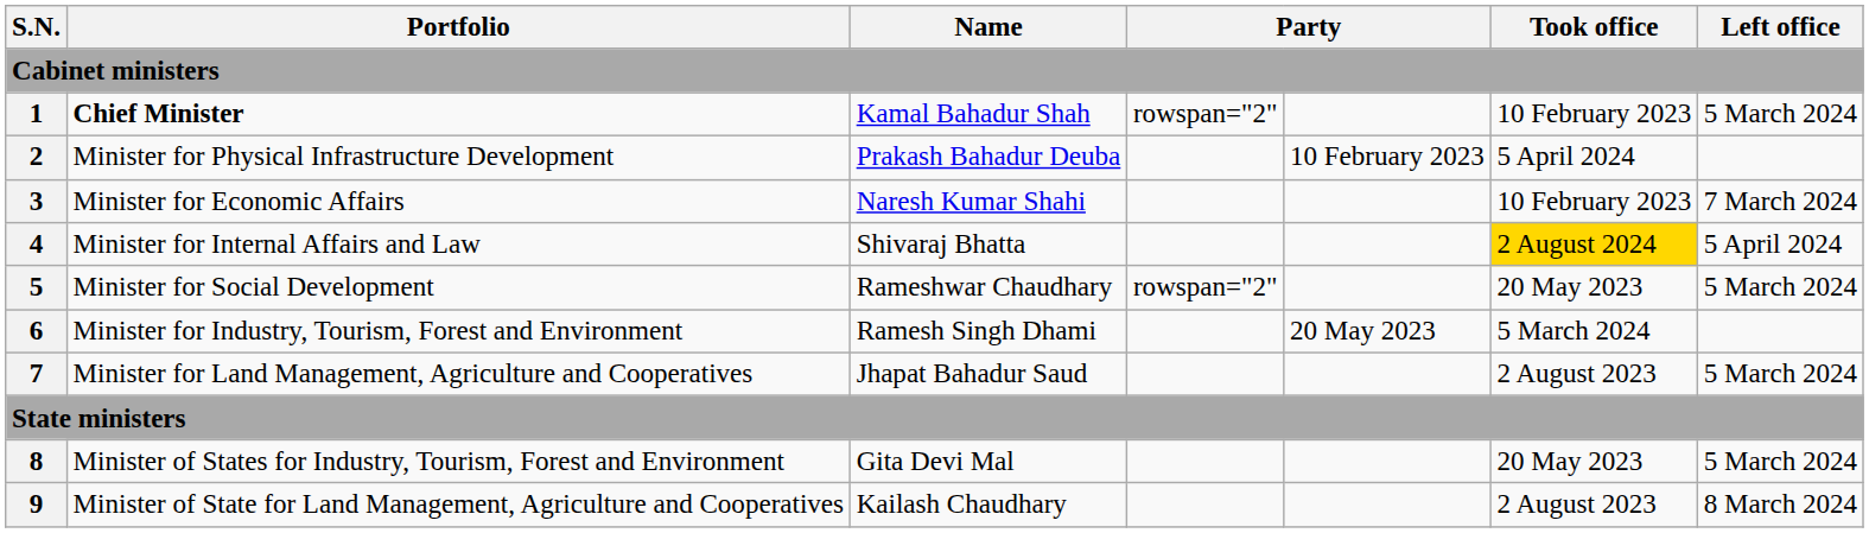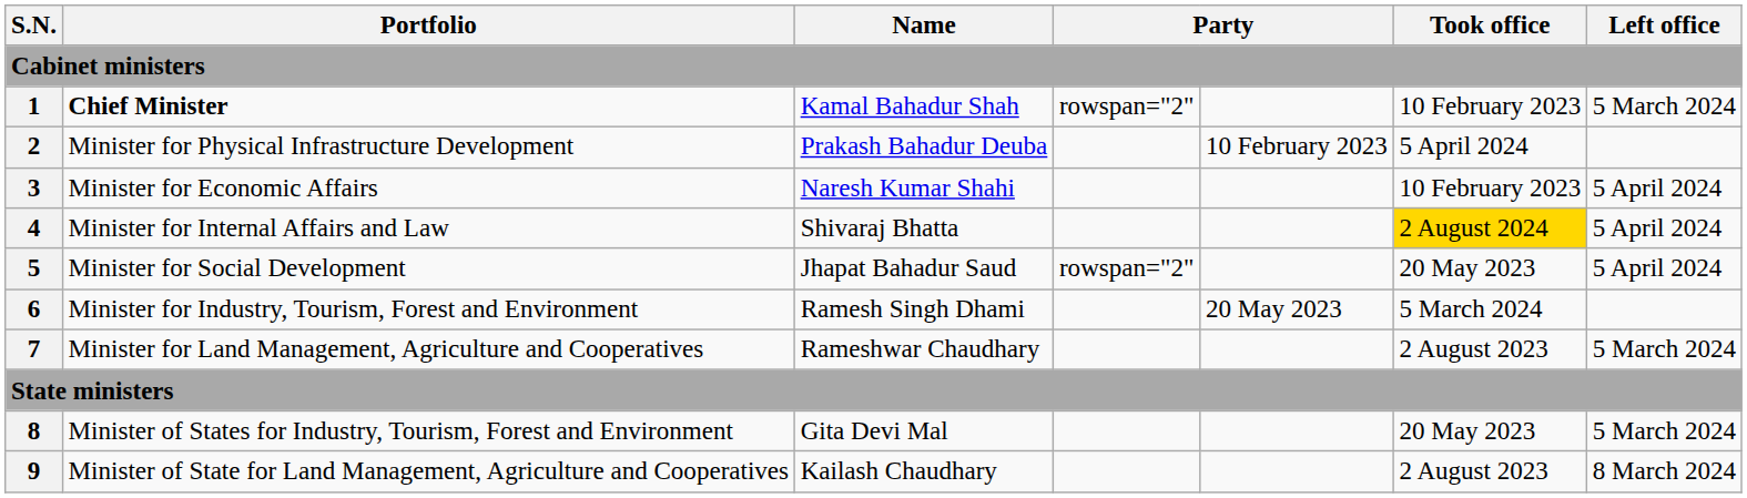 <table class="wikitable">
 <tr>
 <th>S.N.</th>
 <th>Portfolio</th>
 <th>Name</th>
 <th colspan="2">Party</th>
 <th>Took office</th>
 <th>Left office</th>
 </tr>
 <tr>
 <td colspan="7" bgcolor="darkgrey"><strong>Cabinet ministers</strong></td>
 </tr>
 <tr>
 <th>1</th>
 <td><strong>Chief Minister</strong></td>
 <td><a href='#'>Kamal Bahadur Shah</a></td>
 <td>rowspan="2" </td>
 <td></td>
 <td>10 February 2023</td>
 <td>5 March 2024</td>
 </tr>
 <tr>
 <th>2</th>
 <td>Minister for Physical Infrastructure Development</td>
 <td><a href='#'>Prakash Bahadur Deuba</a></td>
 <td></td>
 <td>10 February 2023</td>
 <td>5 April 2024</td>
 </tr>
 <tr>
 <th>3</th>
 <td>Minister for Economic Affairs</td>
 <td><a href='#'>Naresh Kumar Shahi</a></td>
 <td></td>
 <td></td>
 <td>10 February 2023</td>
-<td>7 March 2024</td>
+<td>5 April 2024</td>
 </tr>
 <tr>
 <th>4</th>
 <td>Minister for Internal Affairs and Law</td>
 <td>Shivaraj Bhatta</td>
 <td></td>
 <td></td>
 <td style="background: gold;">2 August 2024</td>
 <td>5 April 2024</td>
 </tr>
 <tr>
 <th>5</th>
 <td>Minister for Social Development</td>
-<td>Rameshwar Chaudhary</td>
+<td>Jhapat Bahadur Saud</td>
 <td>rowspan="2" </td>
 <td></td>
 <td>20 May 2023</td>
-<td>5 March 2024</td>
+<td>5 April 2024</td>
 </tr>
 <tr>
 <th>6</th>
 <td>Minister for Industry, Tourism, Forest and Environment</td>
 <td>Ramesh Singh Dhami</td>
 <td></td>
 <td>20 May 2023</td>
 <td>5 March 2024</td>
 </tr>
 <tr>
 <th>7</th>
 <td>Minister for Land Management, Agriculture and Cooperatives</td>
-<td>Jhapat Bahadur Saud</td>
+<td>Rameshwar Chaudhary</td>
 <td></td>
 <td></td>
 <td>2 August 2023</td>
 <td>5 March 2024</td>
 </tr>
 <tr>
 <td colspan="7" bgcolor="darkgrey"><strong>State ministers</strong></td>
 </tr>
 <tr>
 <th>8</th>
 <td>Minister of States for Industry, Tourism, Forest and Environment</td>
 <td>Gita Devi Mal</td>
 <td></td>
 <td></td>
 <td>20 May 2023</td>
 <td>5 March 2024</td>
 </tr>
 <tr>
 <th>9</th>
 <td>Minister of State for Land Management, Agriculture and Cooperatives</td>
 <td>Kailash Chaudhary</td>
 <td></td>
 <td></td>
 <td>2 August 2023</td>
 <td>8 March 2024</td>
 </tr>
 </table>
